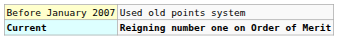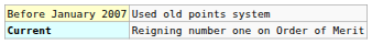 <table class="wikitable">
 <tr>
 <td style=background:#FFFFCC>Before January 2007</td>
 <td>Used old points system</td>
 </tr>
 <tr>
 <td style="font-weight:bold; background:#DDFFFF;">Current</td>
-<td><strong>Reigning number one on Order of Merit</strong></td>
+<td>Reigning number one on Order of Merit</td>
 </tr>
 </table>
